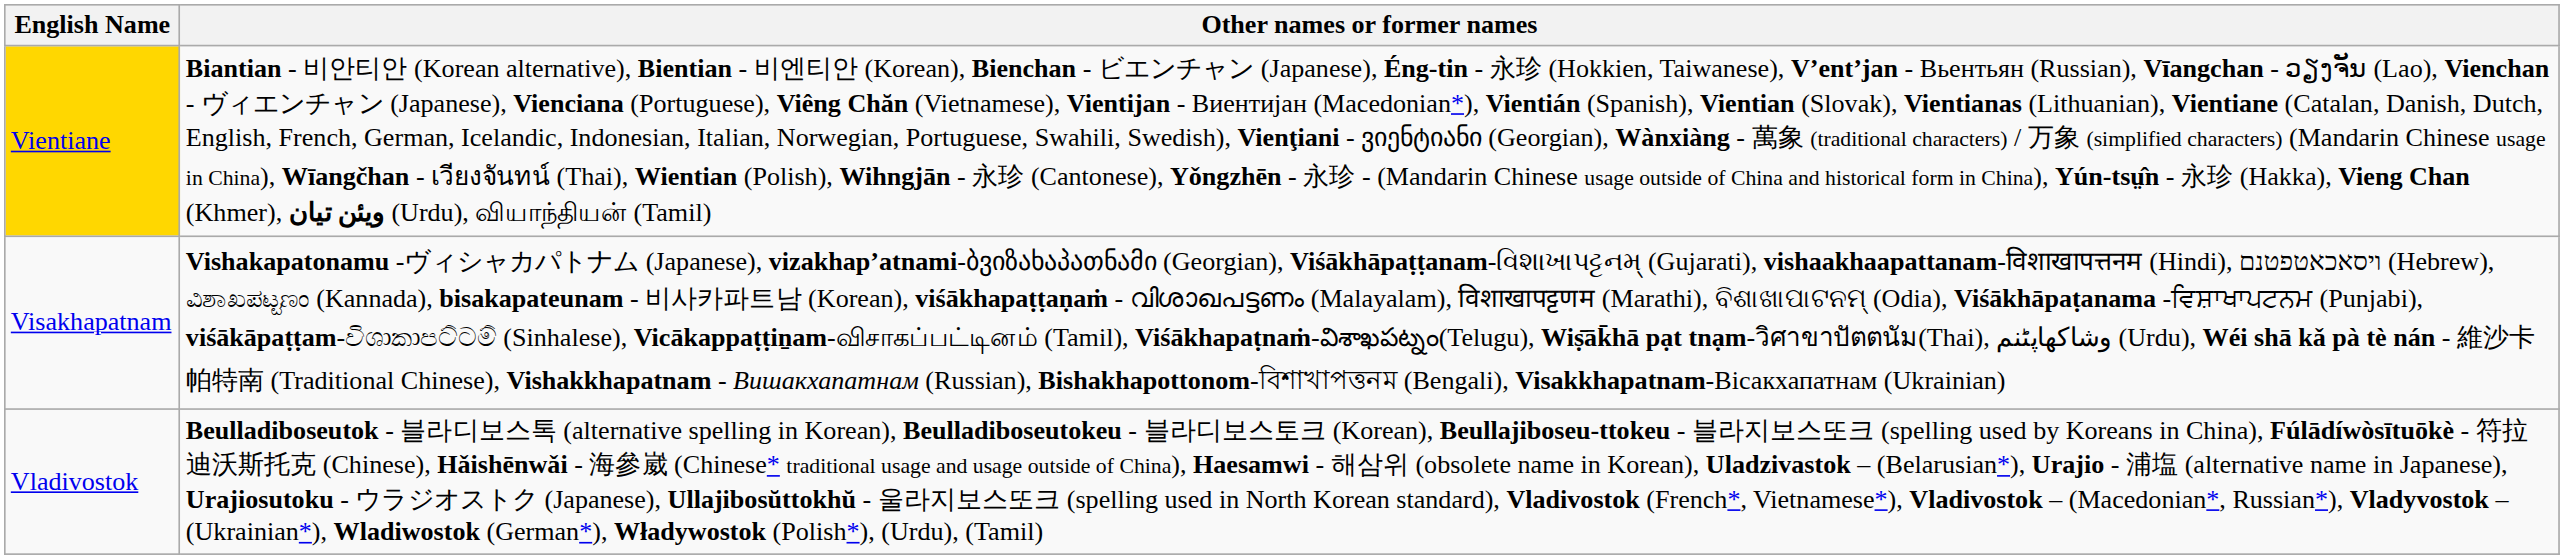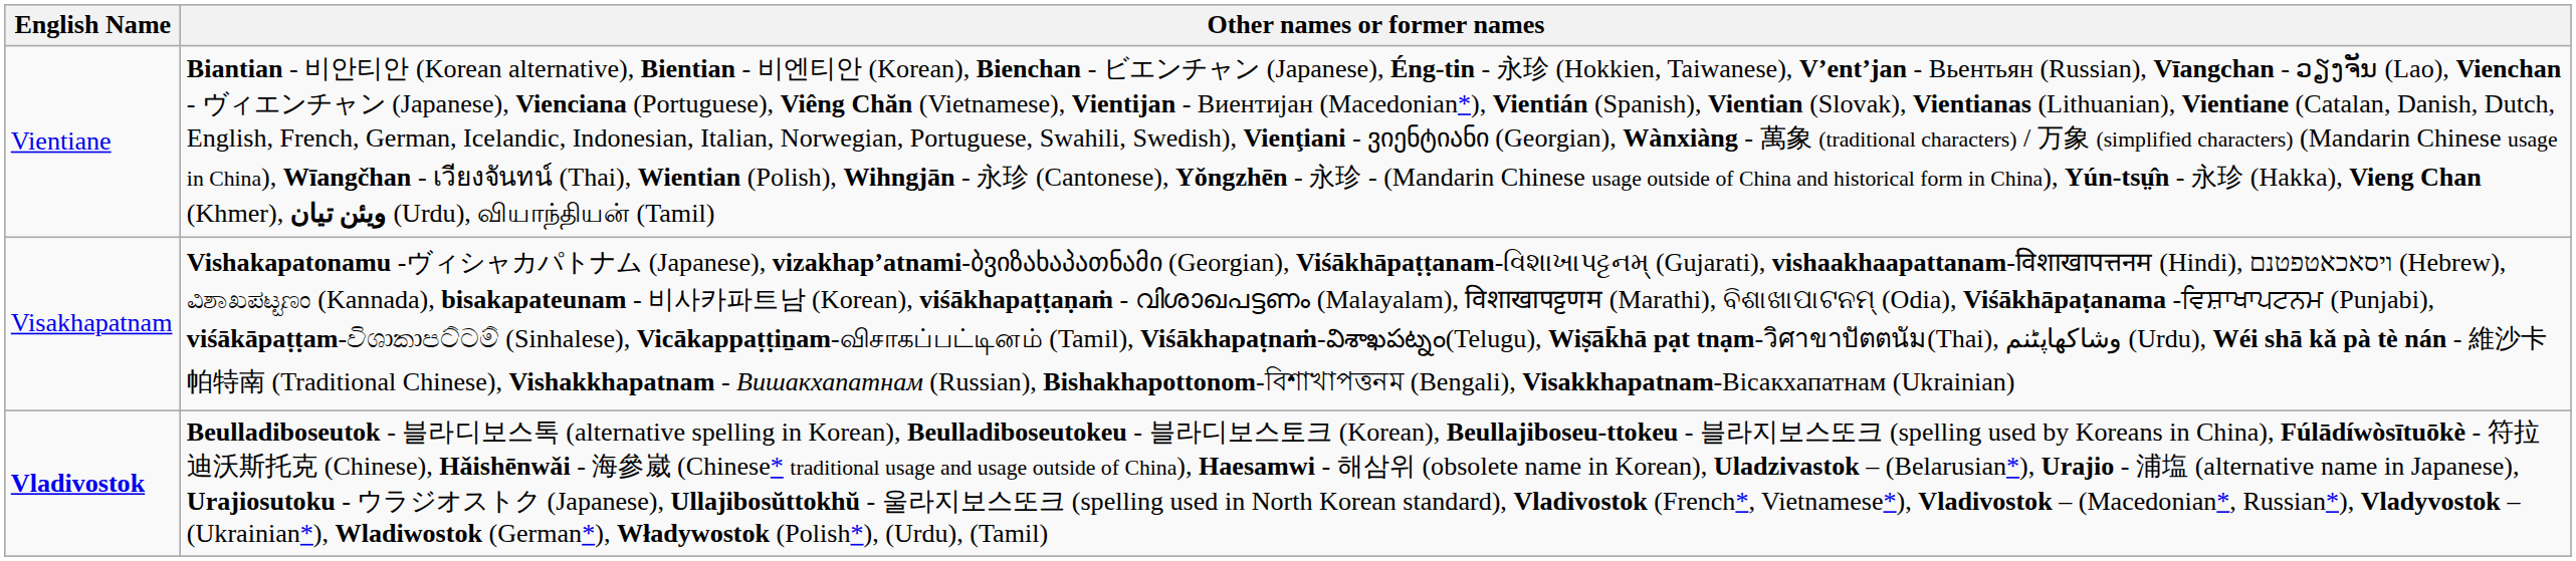 <table class="wikitable">
 <tr>
 <th style="width:100px;">English Name</th>
 <th>Other names or former names</th>
 </tr>
 <tr>
-<td style="background: gold;"> <a href='#'>Vientiane</a></td>
+<td> <a href='#'>Vientiane</a></td>
 <td><strong>Biantian</strong> - 비안티안 (Korean alternative), <strong>Bientian</strong> - 비엔티안 (Korean), <strong>Bienchan</strong> - ビエンチャン (Japanese), <strong>Éng-tin</strong> - 永珍 (Hokkien, Taiwanese), <strong>Vʼentʼjan</strong> - Вьентьян (Russian), <strong>Vīangchan</strong> - ວຽງຈັນ (Lao), <strong>Vienchan</strong> - ヴィエンチャン (Japanese), <strong>Vienciana</strong> (Portuguese), <strong>Viêng Chăn</strong> (Vietnamese), <strong>Vientijan</strong> - Виентијан (Macedonian<a href='#'>*</a>), <strong>Vientián</strong> (Spanish), <strong>Vientian</strong> (Slovak), <strong>Vientianas</strong> (Lithuanian), <strong>Vientiane</strong> (Catalan, Danish, Dutch, English, French, German, Icelandic, Indonesian, Italian, Norwegian, Portuguese, Swahili, Swedish), <strong>Vienţiani</strong> - ვიენტიანი (Georgian), <strong>Wànxiàng</strong> - 萬象 <small>(traditional characters)</small> / 万象 <small>(simplified characters)</small> (Mandarin Chinese <small>usage in China</small>), <strong>Wīangčhan</strong> - เวียงจันทน์  (Thai), <strong>Wientian</strong> (Polish), <strong>Wihngjān</strong> - 永珍 (Cantonese), <strong>Yǒngzhēn</strong> - 永珍 -  (Mandarin Chinese <small>usage outside of China and historical form in China</small>), <strong>Yún-tsṳ̂n</strong> - 永珍 (Hakka), <strong>Vieng Chan</strong> (Khmer), <strong>ویئن تیان</strong> (Urdu), வியாந்தியன் (Tamil)</td>
 </tr>
 <tr>
 <td> <a href='#'>Visakhapatnam</a></td>
 <td><strong>Vishakapatonamu</strong> -ヴィシャカパトナム (Japanese), <strong>vizakhap’atnami</strong>-ბვიზახაპათნამი (Georgian), <strong>Viśākhāpaṭṭanam</strong>-વિશાખાપટ્ટનમ્ (Gujarati), <strong>vishaakhaapattanam</strong>-विशाखापत्तनम (Hindi), ויסאכאטפטנם (Hebrew), ವಿಶಾಖಪಟ್ಟಣಂ (Kannada), <strong>bisakapateunam</strong> - 비사카파트남 (Korean), <strong>viśākhapaṭṭaṇaṁ</strong> - വിശാഖപട്ടണം (Malayalam), विशाखापट्टणम (Marathi), ବିଶାଖାପାଟନମ୍ (Odia), <strong>Viśākhāpaṭanama</strong> -ਵਿਸ਼ਾਖਾਪਟਨਮ (Punjabi), <strong>viśākāpaṭṭam</strong>-විශාකාපට්ටම් (Sinhalese), <strong>Vicākappaṭṭiṉam</strong>-விசாகப்பட்டினம் (Tamil), <strong>Viśākhapaṭnaṁ</strong>-విశాఖపట్నం(Telugu), <strong>Wiṣ̄āk̄hā pạt tnạm</strong>-วิศาขาปัตตนัม(Thai), وشاکھاپٹنم (Urdu), <strong>Wéi shā kǎ pà tè nán</strong> - 維沙卡帕特南 (Traditional Chinese), <strong>Vishakkhapatnam</strong> - <em>Вишакхапатнам</em> (Russian), <strong>Bishakhapottonom</strong>-বিশাখাপত্তনম (Bengali), <strong>Visakkhapatnam</strong>-Вісакхапатнам (Ukrainian)</td>
 </tr>
 <tr>
-<td id="Vladivostok"> <a href='#'>Vladivostok</a></td>
+<td id="Vladivostok"><strong> <a href='#'>Vladivostok</a></strong></td>
 <td><strong>Beulladiboseutok</strong> - 블라디보스톡 (alternative spelling in Korean), <strong>Beulladiboseutokeu</strong> - 블라디보스토크 (Korean), <strong>Beullajiboseu-ttokeu</strong> - 블라지보스또크 (spelling used by Koreans in China), <strong>Fúlādíwòsītuōkè</strong> - 符拉迪沃斯托克 (Chinese), <strong>Hǎishēnwǎi</strong> - 海參崴 (Chinese<a href='#'>*</a> <small>traditional usage and usage outside of China</small>), <strong>Haesamwi</strong> - 해삼위 (obsolete name in Korean), <strong>Uladzivastok</strong> –  (Belarusian<a href='#'>*</a>), <strong>Urajio</strong> - 浦塩 (alternative name in Japanese), <strong>Urajiosutoku</strong> - ウラジオストク (Japanese), <strong>Ullajibosŭttokhŭ</strong> - 울라지보스또크 (spelling used in North Korean standard), <strong>Vladivostok</strong> (French<a href='#'>*</a>, Vietnamese<a href='#'>*</a>), <strong>Vladivostok</strong> –  (Macedonian<a href='#'>*</a>, Russian<a href='#'>*</a>), <strong>Vladyvostok</strong> –  (Ukrainian<a href='#'>*</a>), <strong>Wladiwostok</strong> (German<a href='#'>*</a>), <strong>Władywostok</strong> (Polish<a href='#'>*</a>),  (Urdu),  (Tamil)<br></td>
 </tr>
 </table>
